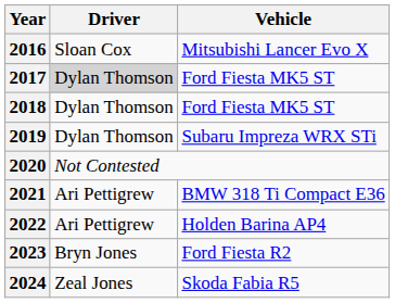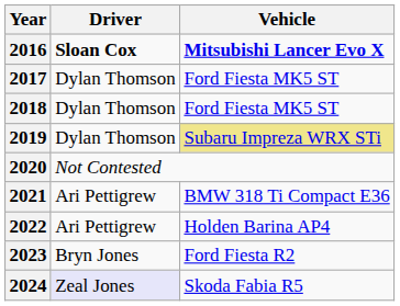 <table class="wikitable">
 <tr>
 <th>Year</th>
 <th>Driver</th>
 <th>Vehicle</th>
 </tr>
 <tr>
 <th>2016</th>
-<td> Sloan Cox</td>
-<td><a href='#'>Mitsubishi Lancer Evo X</a></td>
+<td><strong> Sloan Cox</strong></td>
+<td><strong><a href='#'>Mitsubishi Lancer Evo X</a></strong></td>
 </tr>
 <tr>
 <th>2017</th>
-<td style="background: lightgrey;"> Dylan Thomson</td>
+<td> Dylan Thomson</td>
 <td><a href='#'>Ford Fiesta MK5 ST</a></td>
 </tr>
 <tr>
 <th>2018</th>
 <td> Dylan Thomson</td>
 <td><a href='#'>Ford Fiesta MK5 ST</a></td>
 </tr>
 <tr>
 <th>2019</th>
 <td> Dylan Thomson</td>
-<td><a href='#'>Subaru Impreza WRX STi</a></td>
+<td style="background: khaki;"><a href='#'>Subaru Impreza WRX STi</a></td>
 </tr>
 <tr>
 <th>2020</th>
 <td colspan="2"><em>Not Contested</em></td>
 </tr>
 <tr>
 <th>2021</th>
 <td> Ari Pettigrew</td>
 <td><a href='#'>BMW 318 Ti Compact E36</a></td>
 </tr>
 <tr>
 <th>2022</th>
 <td> Ari Pettigrew</td>
 <td><a href='#'>Holden Barina AP4</a></td>
 </tr>
 <tr>
 <th>2023</th>
 <td> Bryn Jones</td>
 <td><a href='#'>Ford Fiesta R2</a></td>
 </tr>
 <tr>
 <th>2024</th>
-<td> Zeal Jones</td>
+<td style="background: lavender;"> Zeal Jones</td>
 <td><a href='#'>Skoda Fabia R5</a></td>
 </tr>
 </table>
